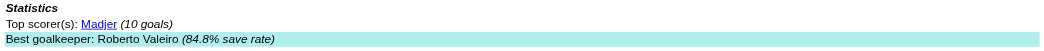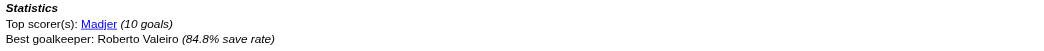 <table width=100% cellspacing=1 style="font-size: 90%;">
 <tr>
 <td><strong><em>Statistics</em></strong></td>
 </tr>
 <tr>
 <td colspan=4>Top scorer(s):  <a href='#'>Madjer</a> <em>(10 goals)</em></td>
 </tr>
 <tr>
-<td style="background: paleturquoise;">Best goalkeeper:  Roberto Valeiro <em>(84.8% save rate)</em></td>
+<td>Best goalkeeper:  Roberto Valeiro <em>(84.8% save rate)</em></td>
 </tr>
 </table>
